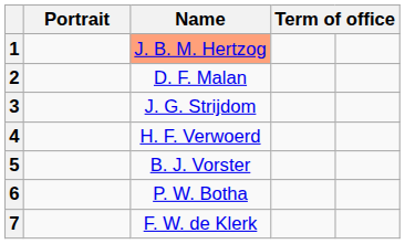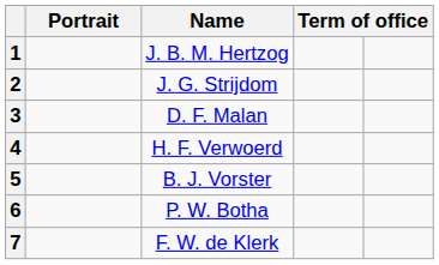 <table class="wikitable" style="text-align:center; border:1px #AAAAFF transparent">
 <tr>
 <th></th>
 <th width="85px">Portrait</th>
 <th coldspan="2">Name<br></th>
 <th colspan="2" coldspan="2">Term of office</th>
 </tr>
 <tr>
 <th style="background:">1</th>
 <td></td>
-<td style="background: lightsalmon;"><a href='#'>J. B. M. Hertzog</a><br></td>
+<td><a href='#'>J. B. M. Hertzog</a><br></td>
 <td></td>
 <td></td>
 </tr>
 <tr>
 <th style="background:">2</th>
 <td></td>
-<td><a href='#'>D. F. Malan</a><br></td>
+<td><a href='#'>J. G. Strijdom</a><br></td>
 <td></td>
 <td></td>
 </tr>
 <tr>
 <th style="background:">3</th>
 <td></td>
-<td><a href='#'>J. G. Strijdom</a><br></td>
+<td><a href='#'>D. F. Malan</a><br></td>
 <td></td>
 <td></td>
 </tr>
 <tr>
 <th style="background:">4</th>
 <td></td>
 <td><a href='#'>H. F. Verwoerd</a><br></td>
 <td></td>
 <td></td>
 </tr>
 <tr>
 <th style="background:">5</th>
 <td></td>
 <td><a href='#'>B. J. Vorster</a><br></td>
 <td></td>
 <td></td>
 </tr>
 <tr>
 <th style="background:">6</th>
 <td></td>
 <td><a href='#'>P. W. Botha</a><br></td>
 <td></td>
 <td></td>
 </tr>
 <tr>
 <th style="background:">7</th>
 <td></td>
 <td><a href='#'>F. W. de Klerk</a><br></td>
 <td></td>
 <td></td>
 </tr>
 </table>
